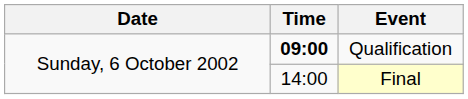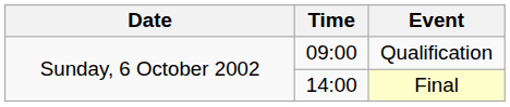 <table class = "wikitable" style="text-align:center;">
 <tr>
 <th width=220>Date</th>
 <th width=50>Time</th>
 <th width=100>Event</th>
 </tr>
 <tr>
 <td rowspan=2>Sunday, 6 October 2002</td>
-<td><strong>09:00</strong></td>
+<td>09:00</td>
 <td>Qualification</td>
 </tr>
 <tr>
 <td>14:00</td>
 <td bgcolor=ffffcc>Final</td>
 </tr>
 </table>
